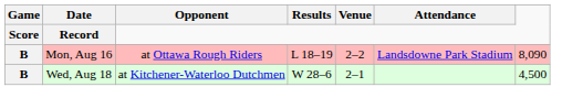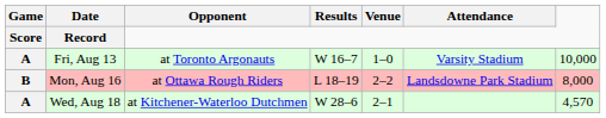 <table class="wikitable" style="text-align:center">
 <tr>
 <th>Game</th>
 <th>Date</th>
 <th>Opponent</th>
 <th>Results</th>
 <th>Venue</th>
 <th>Attendance</th>
 </tr>
 <tr>
 <th>Score</th>
 <th>Record</th>
 </tr>
+<tr style="background:#ddffdd">
+<th>A</th>
+<td>Fri, Aug 13</td>
+<td>at <a href='#'>Toronto Argonauts</a></td>
+<td>W 16–7</td>
+<td>1–0</td>
+<td><a href='#'>Varsity Stadium</a></td>
+<td>10,000</td>
+</tr>
 <tr style="background:#ffbbbb">
 <th>B</th>
 <td>Mon, Aug 16</td>
 <td>at <a href='#'>Ottawa Rough Riders</a></td>
 <td>L 18–19</td>
 <td>2–2</td>
 <td><a href='#'>Landsdowne Park Stadium</a></td>
-<td>8,090</td>
+<td>8,000</td>
 </tr>
 <tr style="background:#ddffdd">
-<th>B</th>
+<th>A</th>
 <td>Wed, Aug 18</td>
 <td>at <a href='#'>Kitchener-Waterloo Dutchmen</a></td>
 <td>W 28–6</td>
 <td>2–1</td>
 <td></td>
-<td>4,500</td>
+<td>4,570</td>
 </tr>
 </table>
